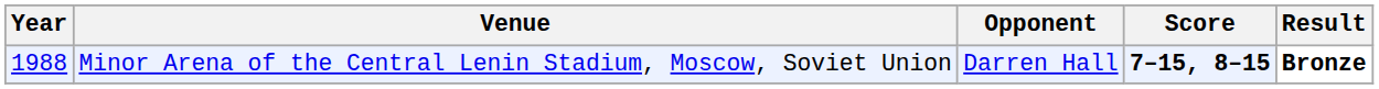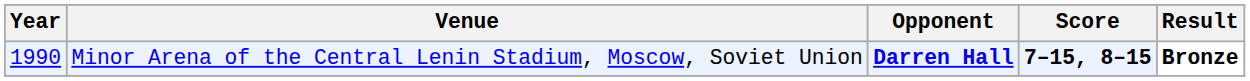 <table class="sortable wikitable" style="font-size: 90%;">
 <tr>
 <th>Year</th>
 <th>Venue</th>
 <th>Opponent</th>
 <th>Score</th>
 <th>Result</th>
 </tr>
 <tr style="background:#ECF2FF">
-<td align="center"><a href='#'>1988</a></td>
+<td align="center"><a href='#'>1990</a></td>
 <td align="left"><a href='#'>Minor Arena of the Central Lenin Stadium</a>, <a href='#'>Moscow</a>, Soviet Union</td>
-<td align="left"> <a href='#'>Darren Hall</a></td>
+<td align="left"><strong> <a href='#'>Darren Hall</a></strong></td>
 <td align="left"><strong>7–15, 8–15</strong></td>
 <td style="text-align:left; background: white"> <strong>Bronze</strong></td>
 </tr>
 </table>
